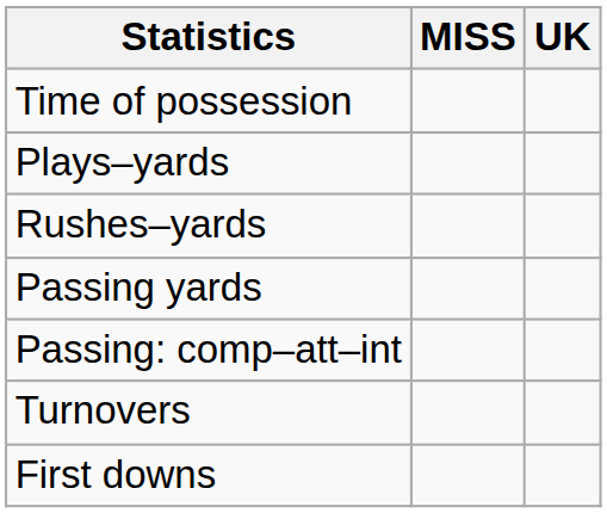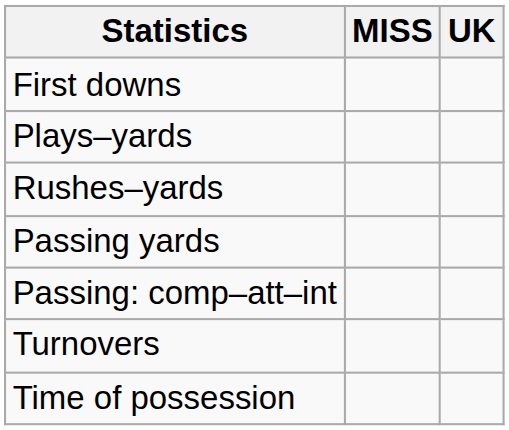 <table class="wikitable" style="float:left">
 <tr>
 <th>Statistics</th>
 <th>MISS</th>
 <th>UK</th>
 </tr>
 <tr>
-<td>Time of possession</td>
+<td>First downs</td>
 <td></td>
 <td></td>
 </tr>
 <tr>
 <td>Plays–yards</td>
 <td></td>
 <td></td>
 </tr>
 <tr>
 <td>Rushes–yards</td>
 <td></td>
 <td></td>
 </tr>
 <tr>
 <td>Passing yards</td>
 <td></td>
 <td></td>
 </tr>
 <tr>
 <td>Passing: comp–att–int</td>
 <td></td>
 <td></td>
 </tr>
 <tr>
 <td>Turnovers</td>
 <td></td>
 <td></td>
 </tr>
 <tr>
-<td>First downs</td>
+<td>Time of possession</td>
 <td></td>
 <td></td>
 </tr>
 </table>
